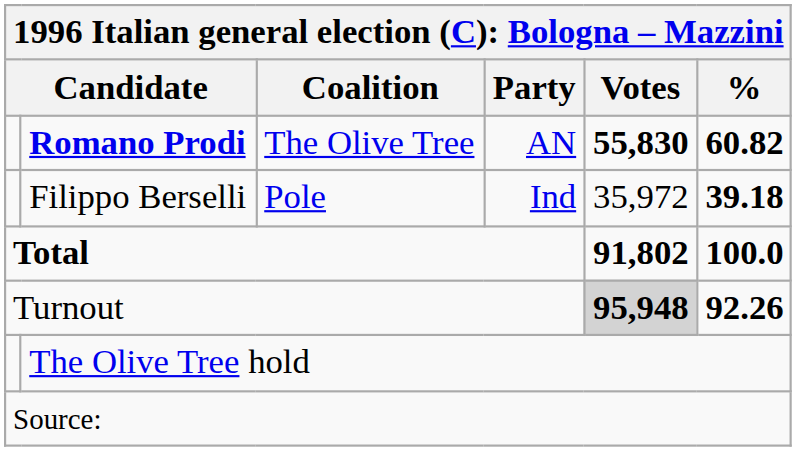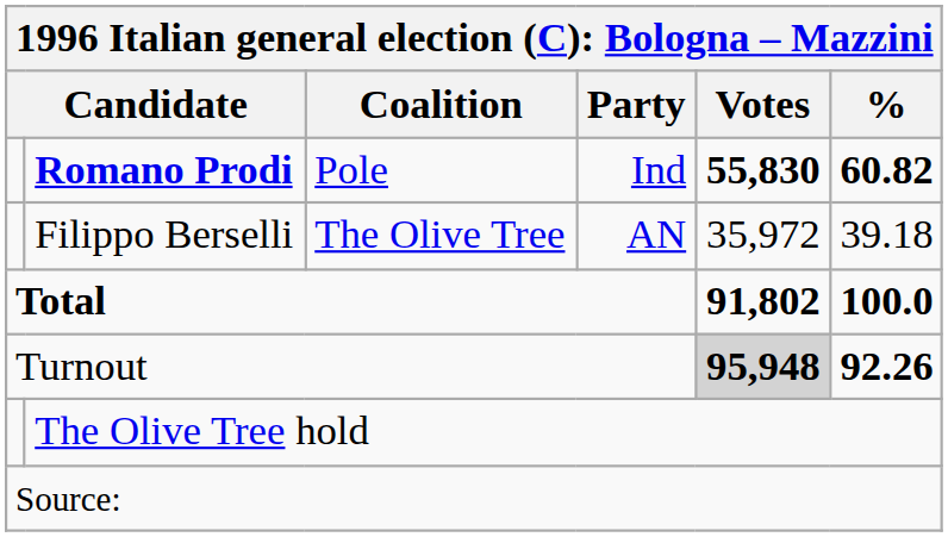 <table class=wikitable style="text-align:right">
 <tr>
 <th colspan=6>1996 Italian general election (<a href='#'>C</a>): <a href='#'>Bologna – Mazzini</a></th>
 </tr>
 <tr>
 <th colspan=2>Candidate</th>
 <th>Coalition</th>
 <th>Party</th>
 <th>Votes</th>
 <th>%</th>
 </tr>
 <tr>
 <td></td>
 <td align=left><strong><a href='#'>Romano Prodi</a></strong></td>
-<td align=left><a href='#'>The Olive Tree</a></td>
-<td><a href='#'>AN</a></td>
+<td align=left><a href='#'>Pole</a></td>
+<td><a href='#'>Ind</a></td>
 <td><strong>55,830</strong></td>
 <td><strong>60.82</strong></td>
 </tr>
 <tr>
 <td></td>
 <td align=left>Filippo Berselli</td>
-<td align=left><a href='#'>Pole</a></td>
-<td><a href='#'>Ind</a></td>
+<td align=left><a href='#'>The Olive Tree</a></td>
+<td><a href='#'>AN</a></td>
 <td>35,972</td>
-<td><strong>39.18</strong></td>
+<td>39.18</td>
 </tr>
 <tr>
 <td align=left colspan=4><strong>Total</strong></td>
 <td><strong>91,802</strong></td>
 <td><strong>100.0</strong></td>
 </tr>
 <tr>
 <td align=left colspan=4>Turnout</td>
 <td style="background: lightgrey;"><strong>95,948</strong></td>
 <td><strong>92.26</strong></td>
 </tr>
 <tr>
 <td></td>
 <td align=left colspan=5><a href='#'>The Olive Tree</a> hold</td>
 </tr>
 <tr>
 <td align=left colspan=6><small>Source: </small></td>
 </tr>
 </table>
